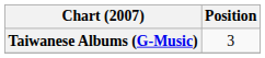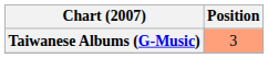 <table class="wikitable plainrowheaders">
 <tr>
 <th>Chart (2007)</th>
 <th>Position</th>
 </tr>
 <tr>
 <th scope="row">Taiwanese Albums (<a href='#'>G-Music</a>)</th>
-<td style="text-align:center;">3</td>
+<td style="background: lightsalmon; text-align:center;">3</td>
 </tr>
 <tr>
 </tr>
 </table>
